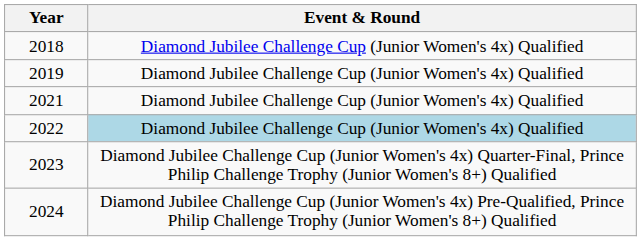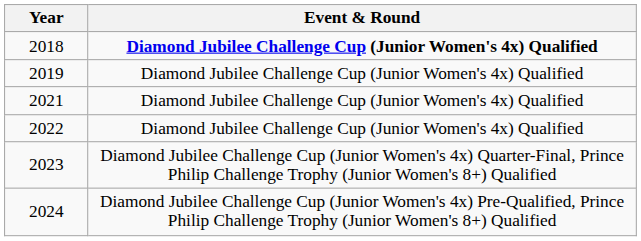 <table class="wikitable" style="text-align:center">
 <tr>
 <th width=70>Year</th>
 <th width=500>Event & Round</th>
 </tr>
 <tr>
 <td>2018</td>
-<td><a href='#'>Diamond Jubilee Challenge Cup</a> (Junior Women's 4x) Qualified</td>
+<td><strong><a href='#'>Diamond Jubilee Challenge Cup</a> (Junior Women's 4x) Qualified</strong></td>
 </tr>
 <tr>
 <td>2019</td>
 <td>Diamond Jubilee Challenge Cup (Junior Women's 4x) Qualified</td>
 </tr>
 <tr>
 <td>2021</td>
 <td>Diamond Jubilee Challenge Cup (Junior Women's 4x) Qualified</td>
 </tr>
 <tr>
 <td>2022</td>
-<td style="background: lightblue;">Diamond Jubilee Challenge Cup (Junior Women's 4x) Qualified</td>
+<td>Diamond Jubilee Challenge Cup (Junior Women's 4x) Qualified</td>
 </tr>
 <tr>
 <td>2023</td>
 <td>Diamond Jubilee Challenge Cup (Junior Women's 4x) Quarter-Final, Prince Philip Challenge Trophy (Junior Women's 8+) Qualified</td>
 </tr>
 <tr>
 <td>2024</td>
 <td>Diamond Jubilee Challenge Cup (Junior Women's 4x) Pre-Qualified, Prince Philip Challenge Trophy (Junior Women's 8+) Qualified</td>
 </tr>
 </table>
